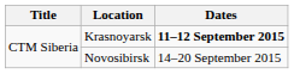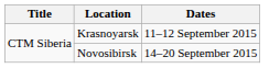 <table class="wikitable">
 <tr>
 <th>Title</th>
 <th>Location</th>
 <th>Dates</th>
 </tr>
 <tr>
 <td rowspan="2">CTM Siberia</td>
 <td>Krasnoyarsk</td>
-<td><strong>11–12 September 2015</strong></td>
+<td>11–12 September 2015</td>
 </tr>
 <tr>
 <td>Novosibirsk</td>
 <td>14–20 September 2015</td>
 </tr>
 </table>
